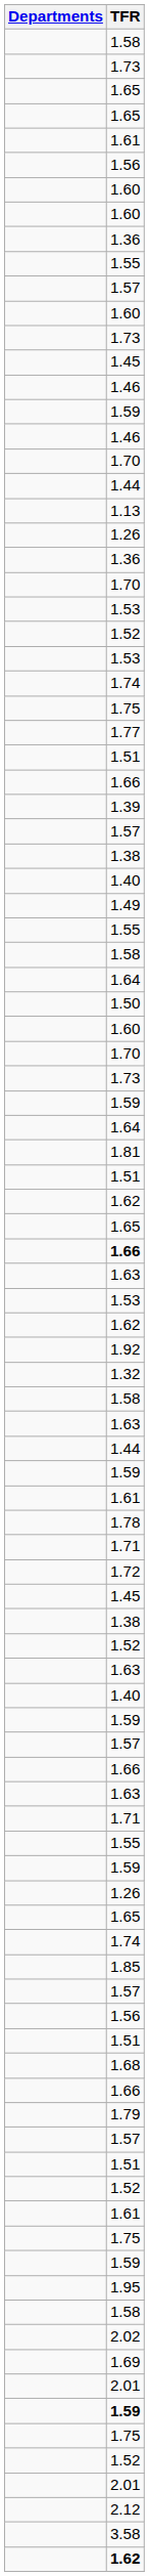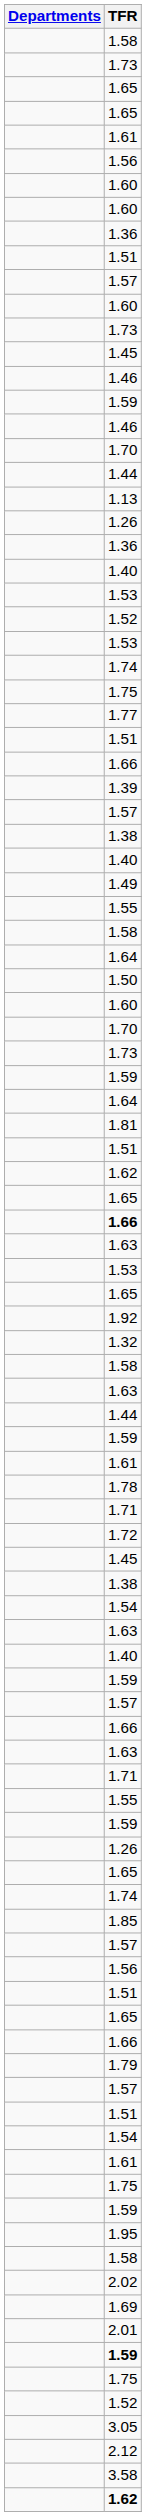 <table class="wikitable sortable mw-collapsible mw-collapsed">
 <tr>
 <th><a href='#'>Departments</a></th>
 <th>TFR</th>
 </tr>
 <tr>
 <td></td>
 <td>1.58</td>
 </tr>
 <tr>
 <td></td>
 <td>1.73</td>
 </tr>
 <tr>
 <td></td>
 <td>1.65</td>
 </tr>
 <tr>
 <td></td>
 <td>1.65</td>
 </tr>
 <tr>
 <td></td>
 <td>1.61</td>
 </tr>
 <tr>
 <td></td>
 <td>1.56</td>
 </tr>
 <tr>
 <td></td>
 <td>1.60</td>
 </tr>
 <tr>
 <td></td>
 <td>1.60</td>
 </tr>
 <tr>
 <td></td>
 <td>1.36</td>
 </tr>
 <tr>
 <td></td>
-<td>1.55</td>
+<td>1.51</td>
 </tr>
 <tr>
 <td></td>
 <td>1.57</td>
 </tr>
 <tr>
 <td></td>
 <td>1.60</td>
 </tr>
 <tr>
 <td></td>
 <td>1.73</td>
 </tr>
 <tr>
 <td></td>
 <td>1.45</td>
 </tr>
 <tr>
 <td></td>
 <td>1.46</td>
 </tr>
 <tr>
 <td></td>
 <td>1.59</td>
 </tr>
 <tr>
 <td></td>
 <td>1.46</td>
 </tr>
 <tr>
 <td></td>
 <td>1.70</td>
 </tr>
 <tr>
 <td></td>
 <td>1.44</td>
 </tr>
 <tr>
 <td></td>
 <td>1.13</td>
 </tr>
 <tr>
 <td></td>
 <td>1.26</td>
 </tr>
 <tr>
 <td></td>
 <td>1.36</td>
 </tr>
 <tr>
 <td></td>
-<td>1.70</td>
+<td>1.40</td>
 </tr>
 <tr>
 <td></td>
 <td>1.53</td>
 </tr>
 <tr>
 <td></td>
 <td>1.52</td>
 </tr>
 <tr>
 <td></td>
 <td>1.53</td>
 </tr>
 <tr>
 <td></td>
 <td>1.74</td>
 </tr>
 <tr>
 <td></td>
 <td>1.75</td>
 </tr>
 <tr>
 <td></td>
 <td>1.77</td>
 </tr>
 <tr>
 <td></td>
 <td>1.51</td>
 </tr>
 <tr>
 <td></td>
 <td>1.66</td>
 </tr>
 <tr>
 <td></td>
 <td>1.39</td>
 </tr>
 <tr>
 <td></td>
 <td>1.57</td>
 </tr>
 <tr>
 <td></td>
 <td>1.38</td>
 </tr>
 <tr>
 <td></td>
 <td>1.40</td>
 </tr>
 <tr>
 <td></td>
 <td>1.49</td>
 </tr>
 <tr>
 <td></td>
 <td>1.55</td>
 </tr>
 <tr>
 <td></td>
 <td>1.58</td>
 </tr>
 <tr>
 <td></td>
 <td>1.64</td>
 </tr>
 <tr>
 <td></td>
 <td>1.50</td>
 </tr>
 <tr>
 <td></td>
 <td>1.60</td>
 </tr>
 <tr>
 <td></td>
 <td>1.70</td>
 </tr>
 <tr>
 <td></td>
 <td>1.73</td>
 </tr>
 <tr>
 <td></td>
 <td>1.59</td>
 </tr>
 <tr>
 <td></td>
 <td>1.64</td>
 </tr>
 <tr>
 <td></td>
 <td>1.81</td>
 </tr>
 <tr>
 <td></td>
 <td>1.51</td>
 </tr>
 <tr>
 <td></td>
 <td>1.62</td>
 </tr>
 <tr>
 <td></td>
 <td>1.65</td>
 </tr>
 <tr>
 <td></td>
 <td><strong>1.66</strong></td>
 </tr>
 <tr>
 <td></td>
 <td>1.63</td>
 </tr>
 <tr>
 <td></td>
 <td>1.53</td>
 </tr>
 <tr>
 <td></td>
-<td>1.62</td>
+<td>1.65</td>
 </tr>
 <tr>
 <td></td>
 <td>1.92</td>
 </tr>
 <tr>
 <td></td>
 <td>1.32</td>
 </tr>
 <tr>
 <td></td>
 <td>1.58</td>
 </tr>
 <tr>
 <td></td>
 <td>1.63</td>
 </tr>
 <tr>
 <td></td>
 <td>1.44</td>
 </tr>
 <tr>
 <td></td>
 <td>1.59</td>
 </tr>
 <tr>
 <td></td>
 <td>1.61</td>
 </tr>
 <tr>
 <td></td>
 <td>1.78</td>
 </tr>
 <tr>
 <td></td>
 <td>1.71</td>
 </tr>
 <tr>
 <td></td>
 <td>1.72</td>
 </tr>
 <tr>
 <td></td>
 <td>1.45</td>
 </tr>
 <tr>
 <td></td>
 <td>1.38</td>
 </tr>
 <tr>
 <td></td>
-<td>1.52</td>
+<td>1.54</td>
 </tr>
 <tr>
 <td></td>
 <td>1.63</td>
 </tr>
 <tr>
 <td></td>
 <td>1.40</td>
 </tr>
 <tr>
 <td></td>
 <td>1.59</td>
 </tr>
 <tr>
 <td></td>
 <td>1.57</td>
 </tr>
 <tr>
 <td></td>
 <td>1.66</td>
 </tr>
 <tr>
 <td></td>
 <td>1.63</td>
 </tr>
 <tr>
 <td></td>
 <td>1.71</td>
 </tr>
 <tr>
 <td></td>
 <td>1.55</td>
 </tr>
 <tr>
 <td></td>
 <td>1.59</td>
 </tr>
 <tr>
 <td></td>
 <td>1.26</td>
 </tr>
 <tr>
 <td></td>
 <td>1.65</td>
 </tr>
 <tr>
 <td></td>
 <td>1.74</td>
 </tr>
 <tr>
 <td></td>
 <td>1.85</td>
 </tr>
 <tr>
 <td></td>
 <td>1.57</td>
 </tr>
 <tr>
 <td></td>
 <td>1.56</td>
 </tr>
 <tr>
 <td></td>
 <td>1.51</td>
 </tr>
 <tr>
 <td></td>
-<td>1.68</td>
+<td>1.65</td>
 </tr>
 <tr>
 <td></td>
 <td>1.66</td>
 </tr>
 <tr>
 <td></td>
 <td>1.79</td>
 </tr>
 <tr>
 <td></td>
 <td>1.57</td>
 </tr>
 <tr>
 <td></td>
 <td>1.51</td>
 </tr>
 <tr>
 <td></td>
-<td>1.52</td>
+<td>1.54</td>
 </tr>
 <tr>
 <td></td>
 <td>1.61</td>
 </tr>
 <tr>
 <td></td>
 <td>1.75</td>
 </tr>
 <tr>
 <td></td>
 <td>1.59</td>
 </tr>
 <tr>
 <td></td>
 <td>1.95</td>
 </tr>
 <tr>
 <td></td>
 <td>1.58</td>
 </tr>
 <tr>
 <td></td>
 <td>2.02</td>
 </tr>
 <tr>
 <td></td>
 <td>1.69</td>
 </tr>
 <tr>
 <td></td>
 <td>2.01</td>
 </tr>
 <tr>
 <td><strong></strong></td>
 <td><strong>1.59</strong></td>
 </tr>
 <tr>
 <td></td>
 <td>1.75</td>
 </tr>
 <tr>
 <td></td>
 <td>1.52</td>
 </tr>
 <tr>
 <td></td>
-<td>2.01</td>
+<td>3.05</td>
 </tr>
 <tr>
 <td></td>
 <td>2.12</td>
 </tr>
 <tr>
 <td></td>
 <td>3.58</td>
 </tr>
 <tr>
 <td><strong></strong></td>
 <td><strong>1.62</strong></td>
 </tr>
 </table>
